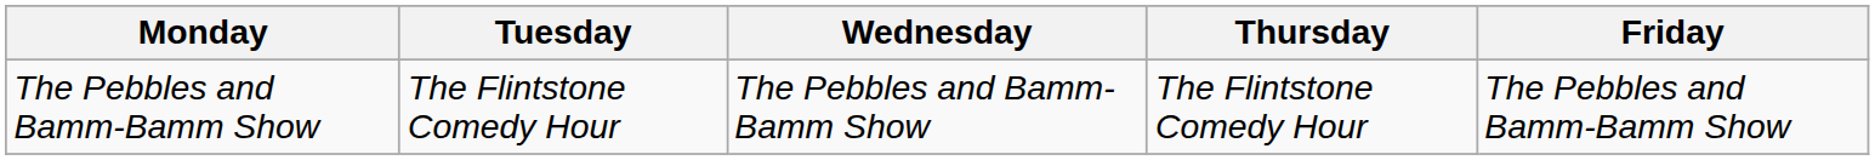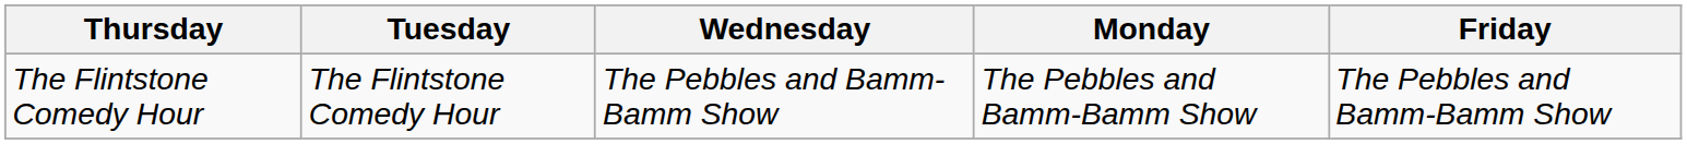 <table class="wikitable">
 <tr>
-<th>Monday</th>
+<th>Thursday</th>
 <th>Tuesday</th>
 <th>Wednesday</th>
-<th>Thursday</th>
+<th>Monday</th>
 <th>Friday</th>
 </tr>
 <tr>
-<td><em>The Pebbles and Bamm-Bamm Show</em></td>
+<td><em>The Flintstone Comedy Hour</em></td>
 <td><em>The Flintstone Comedy Hour</em></td>
 <td><em>The Pebbles and Bamm-Bamm Show</em></td>
-<td><em>The Flintstone Comedy Hour</em></td>
+<td><em>The Pebbles and Bamm-Bamm Show</em></td>
 <td><em>The Pebbles and Bamm-Bamm Show</em></td>
 </tr>
 </table>
